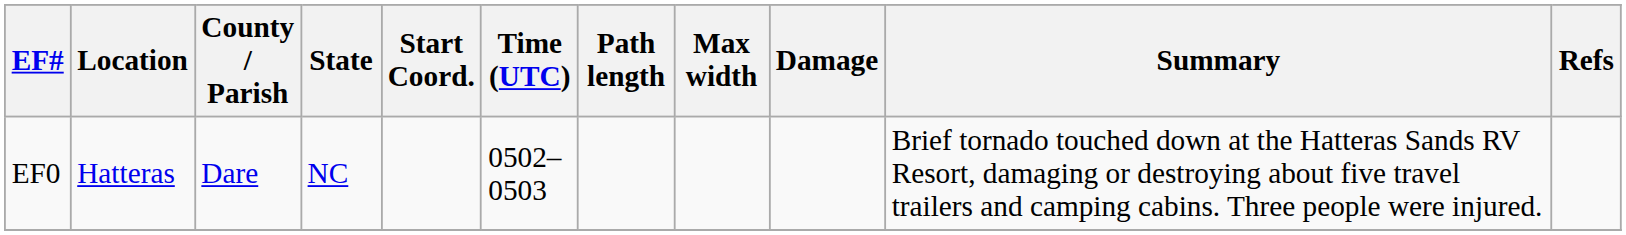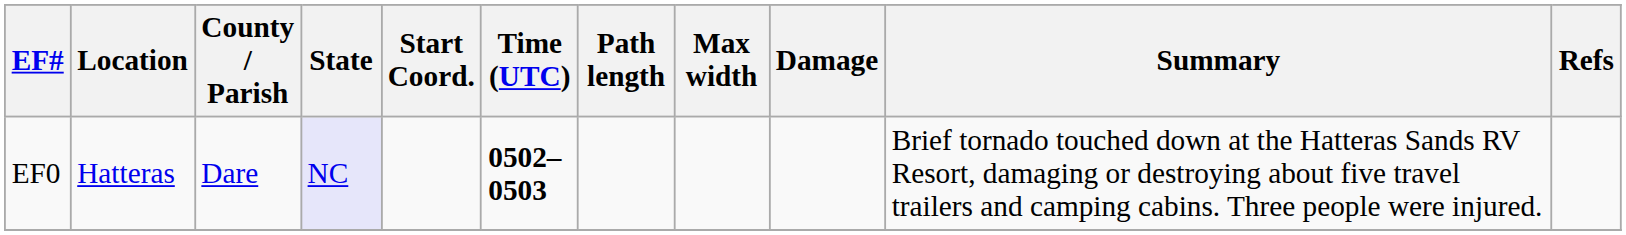 <table class="wikitable sortable" style="width:100%;">
 <tr>
 <th scope="col"  style="width:3%; text-align:center;"><a href='#'>EF#</a></th>
 <th scope="col"  style="width:7%; text-align:center;" class="unsortable">Location</th>
 <th scope="col"  style="width:6%; text-align:center;" class="unsortable">County / Parish</th>
 <th scope="col"  style="width:5%; text-align:center;">State</th>
 <th scope="col"  style="width:6%; text-align:center;">Start Coord.</th>
 <th scope="col"  style="width:6%; text-align:center;">Time (<a href='#'>UTC</a>)</th>
 <th scope="col"  style="width:6%; text-align:center;">Path length</th>
 <th scope="col"  style="width:6%; text-align:center;">Max width</th>
 <th scope="col"  style="width:6%; text-align:center;">Damage</th>
 <th scope="col" class="unsortable" style="width:48%; text-align:center;">Summary</th>
 <th scope="col" class="unsortable" style="width:48%; text-align:center;">Refs</th>
 </tr>
 <tr>
 <td>EF0</td>
 <td><a href='#'>Hatteras</a></td>
 <td><a href='#'>Dare</a></td>
-<td><a href='#'>NC</a></td>
+<td style="background: lavender;"><a href='#'>NC</a></td>
 <td></td>
-<td>0502–0503</td>
+<td><strong>0502–0503</strong></td>
 <td></td>
 <td></td>
 <td></td>
 <td>Brief tornado touched down at the Hatteras Sands RV Resort, damaging or destroying about five travel trailers and camping cabins. Three people were injured.</td>
 <td></td>
 </tr>
 <tr>
 </tr>
 </table>
